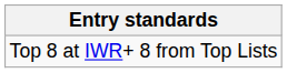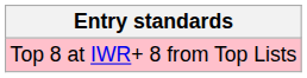 <table class="wikitable">
 <tr>
 <th>Entry standards</th>
 </tr>
 <tr>
-<td>Top 8 at <a href='#'>IWR</a>+ 8 from Top Lists</td>
+<td style="background: pink;">Top 8 at <a href='#'>IWR</a>+ 8 from Top Lists</td>
 </tr>
 </table>
